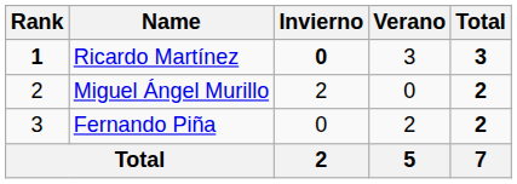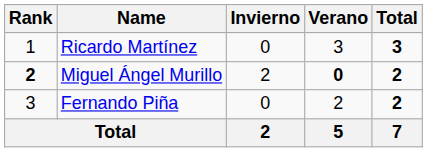 <table class="wikitable" style="text-align: center;">
 <tr>
 <th>Rank</th>
 <th>Name</th>
 <th>Invierno</th>
 <th>Verano</th>
 <th>Total</th>
 </tr>
 <tr>
-<td><strong>1</strong></td>
+<td>1</td>
 <td align=left> <a href='#'>Ricardo Martínez</a></td>
-<td><strong>0</strong></td>
+<td>0</td>
 <td>3</td>
 <td><strong>3</strong></td>
 </tr>
 <tr>
-<td>2</td>
+<td><strong>2</strong></td>
 <td align=left> <a href='#'>Miguel Ángel Murillo</a></td>
 <td>2</td>
-<td>0</td>
+<td><strong>0</strong></td>
 <td><strong>2</strong></td>
 </tr>
 <tr>
 <td>3</td>
 <td align=left> <a href='#'>Fernando Piña</a></td>
 <td>0</td>
 <td>2</td>
 <td><strong>2</strong></td>
 </tr>
 <tr>
 <th colspan=2>Total</th>
 <th>2</th>
 <th>5</th>
 <th>7</th>
 </tr>
 </table>
